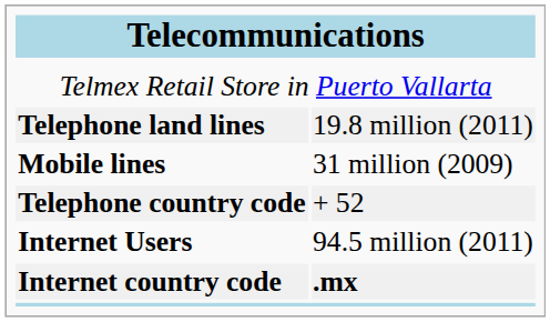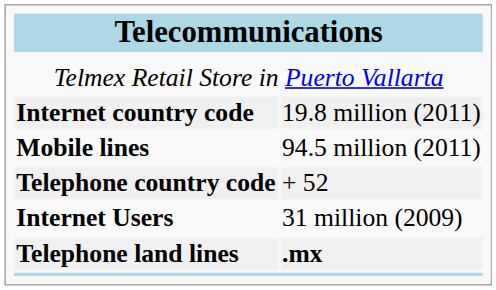 <table style="toc:25em; text-align:left;" class="infobox">
 <tr>
 <th style="text-align:center; background:lightblue;" colspan="2"><big>Telecommunications</big></th>
 </tr>
 <tr>
 <td colspan="2" style="text-align:center;"></td>
 </tr>
 <tr>
 <td colspan="2" style="text-align:center"><em>Telmex Retail Store in <a href='#'>Puerto Vallarta</a></em></td>
 </tr>
 <tr>
-<th style="text-align:left; background:#f0f0f0; vertical-align:top;">Telephone land lines</th>
+<th style="text-align:left; background:#f0f0f0; vertical-align:top;">Internet country code</th>
 <td style="background:#f0f0f0; vertical-align:top;">19.8 million (2011)</td>
 </tr>
 <tr>
 <th style="text-align:left; vertical-align:top;">Mobile lines</th>
-<td valign="top">31 million (2009)</td>
+<td valign="top">94.5 million (2011)</td>
 </tr>
 <tr>
 <th style="text-align:left; background:#f0f0f0; vertical-align:top;">Telephone country code</th>
 <td style="background:#f0f0f0; vertical-align:top;">+ 52</td>
 </tr>
 <tr>
 <th style="text-align:left; vertical-align:top;">Internet Users</th>
-<td valign="top">94.5 million (2011)</td>
+<td valign="top">31 million (2009)</td>
 </tr>
 <tr>
-<th style="text-align:left; background:#f0f0f0; vertical-align:top;">Internet country code</th>
+<th style="text-align:left; background:#f0f0f0; vertical-align:top;">Telephone land lines</th>
 <td style="background:#f0f0f0; vertical-align:top;"><strong>.mx</strong></td>
 </tr>
 <tr>
 <td style="text-align:center; background:lightblue;" colspan="2"></td>
 </tr>
 </table>
